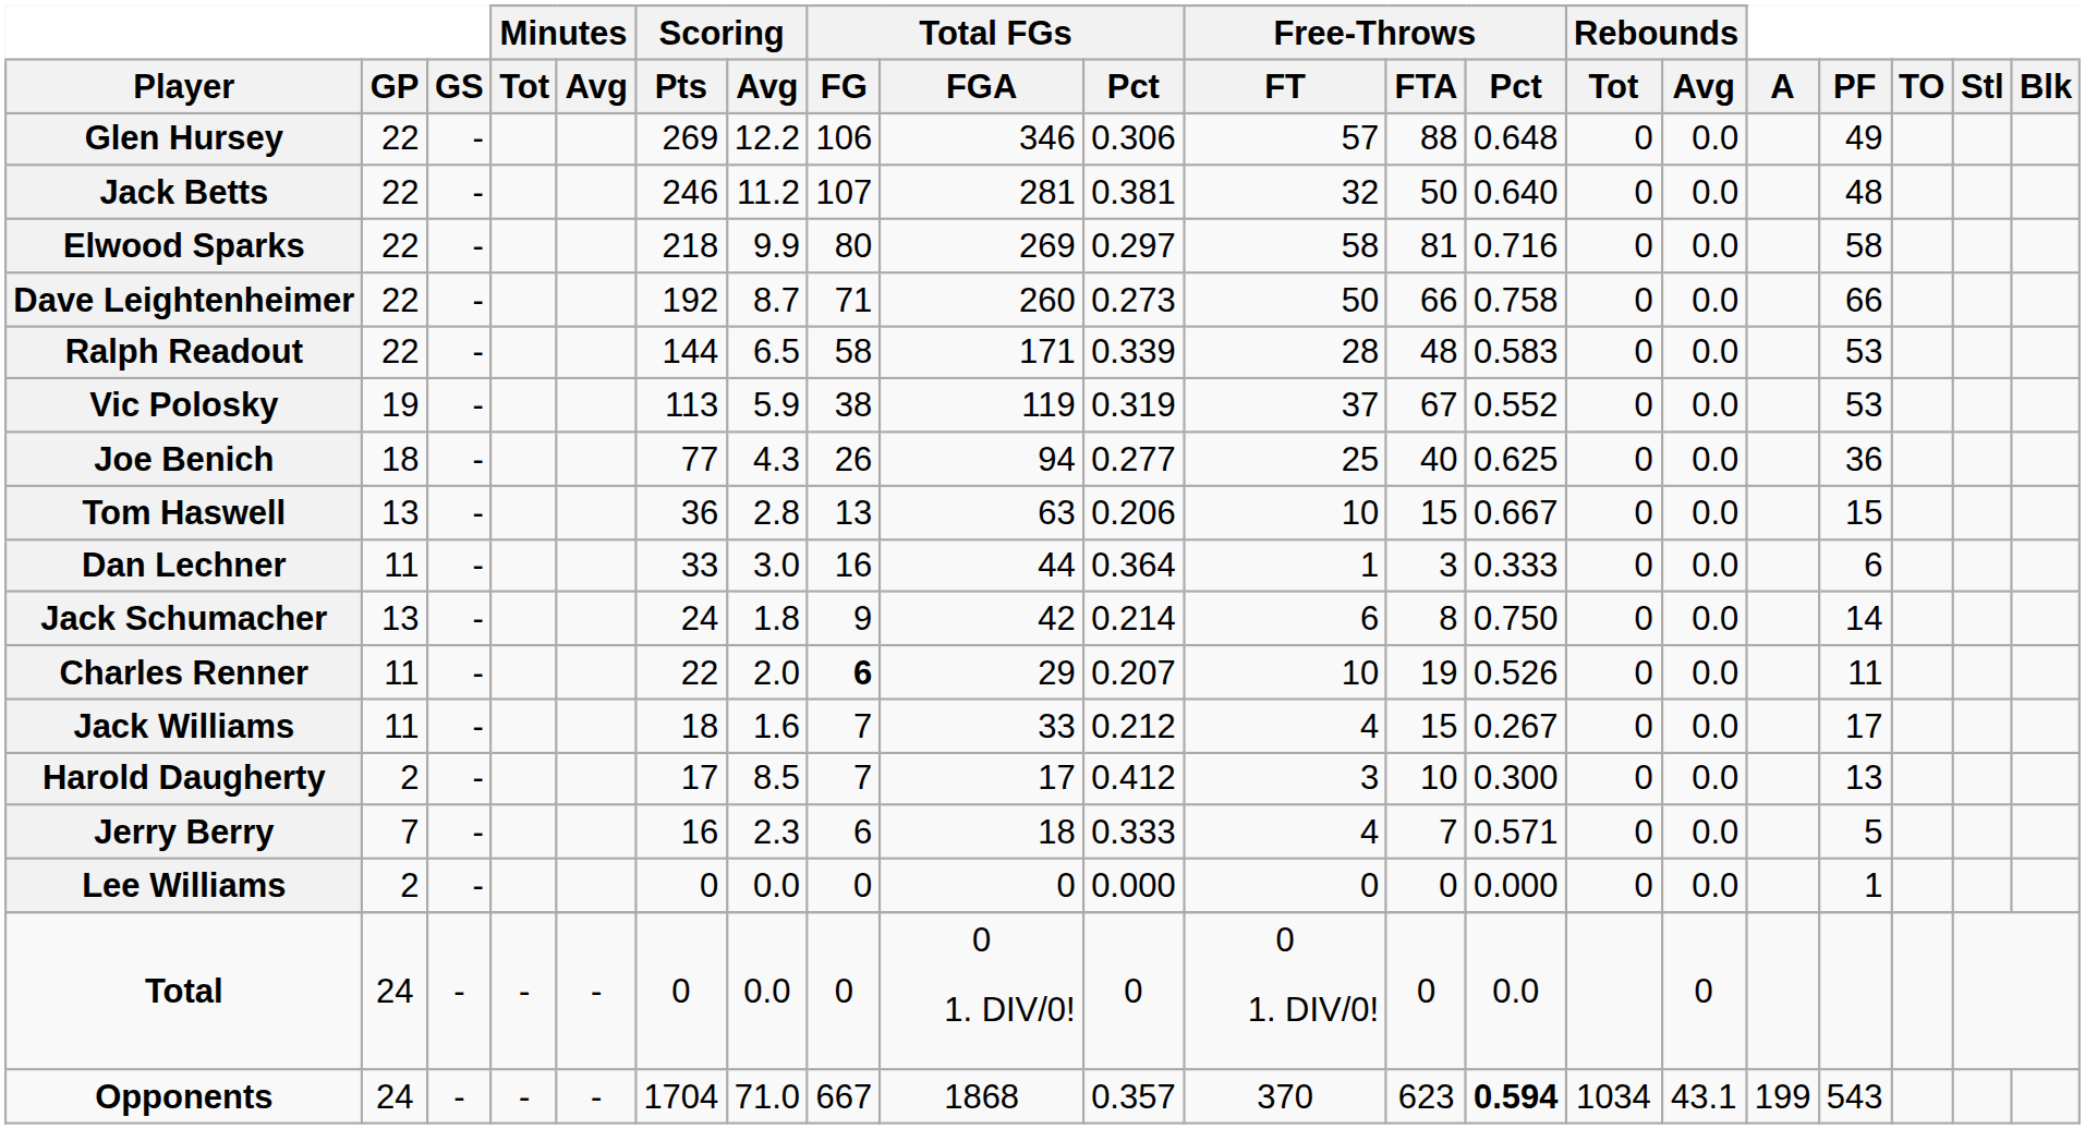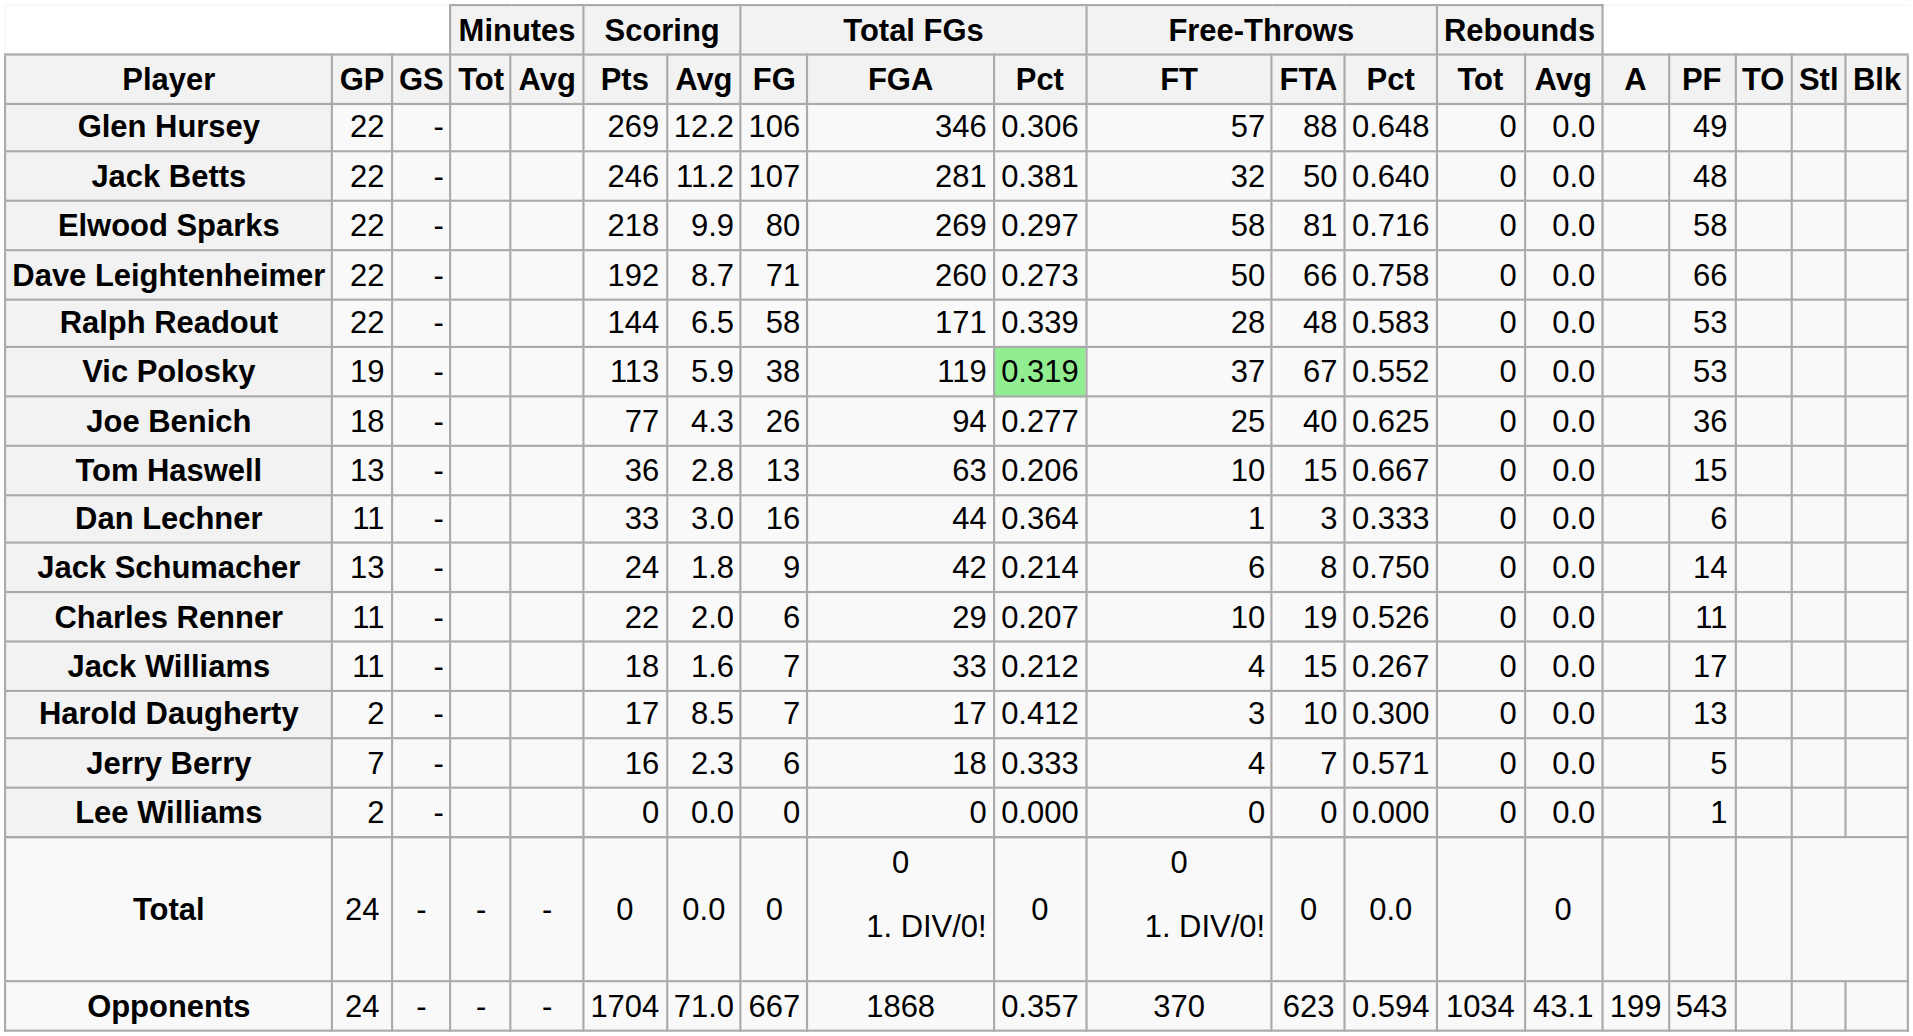 <table class="wikitable sortable" border="1" style="font-size:90%;">
 <tr>
 <th colspan="3" style="border-top-style:hidden; border-left-style:hidden; background: white;"></th>
 <th colspan="2" style=>Minutes</th>
 <th colspan="2" style=>Scoring</th>
 <th colspan="3" style=>Total FGs</th>
 <th colspan="3" style=>Free-Throws</th>
 <th colspan="2" style=>Rebounds</th>
 <th colspan="5" style="border-top-style:hidden; border-right-style:hidden; background: white;"></th>
 </tr>
 <tr>
 <th scope="col" style=>Player</th>
 <th scope="col" style=>GP</th>
 <th scope="col" style=>GS</th>
 <th scope="col" style=>Tot</th>
 <th scope="col" style=>Avg</th>
 <th scope="col" style=>Pts</th>
 <th scope="col" style=>Avg</th>
 <th scope="col" style=>FG</th>
 <th scope="col" style=>FGA</th>
 <th scope="col" style=>Pct</th>
 <th scope="col" style=>FT</th>
 <th scope="col" style=>FTA</th>
 <th scope="col" style=>Pct</th>
 <th scope="col" style=>Tot</th>
 <th scope="col" style=>Avg</th>
 <th scope="col" style=>A</th>
 <th scope="col" style=>PF</th>
 <th scope="col" style=>TO</th>
 <th scope="col" style=>Stl</th>
 <th scope="col" style=>Blk</th>
 </tr>
 <tr>
 <th>Glen Hursey</th>
 <td align="right">22</td>
 <td align="right">-</td>
 <td align="right"></td>
 <td align="right"></td>
 <td align="right">269</td>
 <td align="right">12.2</td>
 <td align="right">106</td>
 <td align="right">346</td>
 <td align="right">0.306</td>
 <td align="right">57</td>
 <td align="right">88</td>
 <td align="right">0.648</td>
 <td align="right">0</td>
 <td align="right">0.0</td>
 <td align="right"></td>
 <td align="right">49</td>
 <td align="right"></td>
 <td align="right"></td>
 <td align="right"></td>
 </tr>
 <tr>
 <th>Jack Betts</th>
 <td align="right">22</td>
 <td align="right">-</td>
 <td align="right"></td>
 <td align="right"></td>
 <td align="right">246</td>
 <td align="right">11.2</td>
 <td align="right">107</td>
 <td align="right">281</td>
 <td align="right">0.381</td>
 <td align="right">32</td>
 <td align="right">50</td>
 <td align="right">0.640</td>
 <td align="right">0</td>
 <td align="right">0.0</td>
 <td align="right"></td>
 <td align="right">48</td>
 <td align="right"></td>
 <td align="right"></td>
 <td align="right"></td>
 </tr>
 <tr>
 <th>Elwood Sparks</th>
 <td align="right">22</td>
 <td align="right">-</td>
 <td align="right"></td>
 <td align="right"></td>
 <td align="right">218</td>
 <td align="right">9.9</td>
 <td align="right">80</td>
 <td align="right">269</td>
 <td align="right">0.297</td>
 <td align="right">58</td>
 <td align="right">81</td>
 <td align="right">0.716</td>
 <td align="right">0</td>
 <td align="right">0.0</td>
 <td align="right"></td>
 <td align="right">58</td>
 <td align="right"></td>
 <td align="right"></td>
 <td align="right"></td>
 </tr>
 <tr>
 <th>Dave Leightenheimer</th>
 <td align="right">22</td>
 <td align="right">-</td>
 <td align="right"></td>
 <td align="right"></td>
 <td align="right">192</td>
 <td align="right">8.7</td>
 <td align="right">71</td>
 <td align="right">260</td>
 <td align="right">0.273</td>
 <td align="right">50</td>
 <td align="right">66</td>
 <td align="right">0.758</td>
 <td align="right">0</td>
 <td align="right">0.0</td>
 <td align="right"></td>
 <td align="right">66</td>
 <td align="right"></td>
 <td align="right"></td>
 <td align="right"></td>
 </tr>
 <tr>
 <th>Ralph Readout</th>
 <td align="right">22</td>
 <td align="right">-</td>
 <td align="right"></td>
 <td align="right"></td>
 <td align="right">144</td>
 <td align="right">6.5</td>
 <td align="right">58</td>
 <td align="right">171</td>
 <td align="right">0.339</td>
 <td align="right">28</td>
 <td align="right">48</td>
 <td align="right">0.583</td>
 <td align="right">0</td>
 <td align="right">0.0</td>
 <td align="right"></td>
 <td align="right">53</td>
 <td align="right"></td>
 <td align="right"></td>
 <td align="right"></td>
 </tr>
 <tr>
 <th>Vic Polosky</th>
 <td align="right">19</td>
 <td align="right">-</td>
 <td align="right"></td>
 <td align="right"></td>
 <td align="right">113</td>
 <td align="right">5.9</td>
 <td align="right">38</td>
 <td align="right">119</td>
-<td align="right">0.319</td>
+<td align="right" style="background: lightgreen;">0.319</td>
 <td align="right">37</td>
 <td align="right">67</td>
 <td align="right">0.552</td>
 <td align="right">0</td>
 <td align="right">0.0</td>
 <td align="right"></td>
 <td align="right">53</td>
 <td align="right"></td>
 <td align="right"></td>
 <td align="right"></td>
 </tr>
 <tr>
 <th>Joe Benich</th>
 <td align="right">18</td>
 <td align="right">-</td>
 <td align="right"></td>
 <td align="right"></td>
 <td align="right">77</td>
 <td align="right">4.3</td>
 <td align="right">26</td>
 <td align="right">94</td>
 <td align="right">0.277</td>
 <td align="right">25</td>
 <td align="right">40</td>
 <td align="right">0.625</td>
 <td align="right">0</td>
 <td align="right">0.0</td>
 <td align="right"></td>
 <td align="right">36</td>
 <td align="right"></td>
 <td align="right"></td>
 <td align="right"></td>
 </tr>
 <tr>
 <th>Tom Haswell</th>
 <td align="right">13</td>
 <td align="right">-</td>
 <td align="right"></td>
 <td align="right"></td>
 <td align="right">36</td>
 <td align="right">2.8</td>
 <td align="right">13</td>
 <td align="right">63</td>
 <td align="right">0.206</td>
 <td align="right">10</td>
 <td align="right">15</td>
 <td align="right">0.667</td>
 <td align="right">0</td>
 <td align="right">0.0</td>
 <td align="right"></td>
 <td align="right">15</td>
 <td align="right"></td>
 <td align="right"></td>
 <td align="right"></td>
 </tr>
 <tr>
 <th>Dan Lechner</th>
 <td align="right">11</td>
 <td align="right">-</td>
 <td align="right"></td>
 <td align="right"></td>
 <td align="right">33</td>
 <td align="right">3.0</td>
 <td align="right">16</td>
 <td align="right">44</td>
 <td align="right">0.364</td>
 <td align="right">1</td>
 <td align="right">3</td>
 <td align="right">0.333</td>
 <td align="right">0</td>
 <td align="right">0.0</td>
 <td align="right"></td>
 <td align="right">6</td>
 <td align="right"></td>
 <td align="right"></td>
 <td align="right"></td>
 </tr>
 <tr>
 <th>Jack Schumacher</th>
 <td align="right">13</td>
 <td align="right">-</td>
 <td align="right"></td>
 <td align="right"></td>
 <td align="right">24</td>
 <td align="right">1.8</td>
 <td align="right">9</td>
 <td align="right">42</td>
 <td align="right">0.214</td>
 <td align="right">6</td>
 <td align="right">8</td>
 <td align="right">0.750</td>
 <td align="right">0</td>
 <td align="right">0.0</td>
 <td align="right"></td>
 <td align="right">14</td>
 <td align="right"></td>
 <td align="right"></td>
 <td align="right"></td>
 </tr>
 <tr>
 <th>Charles Renner</th>
 <td align="right">11</td>
 <td align="right">-</td>
 <td align="right"></td>
 <td align="right"></td>
 <td align="right">22</td>
 <td align="right">2.0</td>
-<td align="right"><strong>6</strong></td>
+<td align="right">6</td>
 <td align="right">29</td>
 <td align="right">0.207</td>
 <td align="right">10</td>
 <td align="right">19</td>
 <td align="right">0.526</td>
 <td align="right">0</td>
 <td align="right">0.0</td>
 <td align="right"></td>
 <td align="right">11</td>
 <td align="right"></td>
 <td align="right"></td>
 <td align="right"></td>
 </tr>
 <tr>
 <th>Jack Williams</th>
 <td align="right">11</td>
 <td align="right">-</td>
 <td align="right"></td>
 <td align="right"></td>
 <td align="right">18</td>
 <td align="right">1.6</td>
 <td align="right">7</td>
 <td align="right">33</td>
 <td align="right">0.212</td>
 <td align="right">4</td>
 <td align="right">15</td>
 <td align="right">0.267</td>
 <td align="right">0</td>
 <td align="right">0.0</td>
 <td align="right"></td>
 <td align="right">17</td>
 <td align="right"></td>
 <td align="right"></td>
 <td align="right"></td>
 </tr>
 <tr>
 <th>Harold Daugherty</th>
 <td align="right">2</td>
 <td align="right">-</td>
 <td align="right"></td>
 <td align="right"></td>
 <td align="right">17</td>
 <td align="right">8.5</td>
 <td align="right">7</td>
 <td align="right">17</td>
 <td align="right">0.412</td>
 <td align="right">3</td>
 <td align="right">10</td>
 <td align="right">0.300</td>
 <td align="right">0</td>
 <td align="right">0.0</td>
 <td align="right"></td>
 <td align="right">13</td>
 <td align="right"></td>
 <td align="right"></td>
 <td align="right"></td>
 </tr>
 <tr>
 <th>Jerry Berry</th>
 <td align="right">7</td>
 <td align="right">-</td>
 <td align="right"></td>
 <td align="right"></td>
 <td align="right">16</td>
 <td align="right">2.3</td>
 <td align="right">6</td>
 <td align="right">18</td>
 <td align="right">0.333</td>
 <td align="right">4</td>
 <td align="right">7</td>
 <td align="right">0.571</td>
 <td align="right">0</td>
 <td align="right">0.0</td>
 <td align="right"></td>
 <td align="right">5</td>
 <td align="right"></td>
 <td align="right"></td>
 <td align="right"></td>
 </tr>
 <tr>
 <th>Lee Williams</th>
 <td align="right">2</td>
 <td align="right">-</td>
 <td align="right"></td>
 <td align="right"></td>
 <td align="right">0</td>
 <td align="right">0.0</td>
 <td align="right">0</td>
 <td align="right">0</td>
 <td align="right">0.000</td>
 <td align="right">0</td>
 <td align="right">0</td>
 <td align="right">0.000</td>
 <td align="right">0</td>
 <td align="right">0.0</td>
 <td align="right"></td>
 <td align="right">1</td>
 <td align="right"></td>
 <td align="right"></td>
 <td align="right"></td>
 </tr>
 <tr>
 </tr>
 <tr class="sortbottom">
 <td align="center" style=><strong>Total</strong></td>
 <td align="center" style=>24</td>
 <td align="center" style=>-</td>
 <td align="center" style=>-</td>
 <td align="center" style=>-</td>
 <td align="center" style=>0</td>
 <td align="center" style=>0.0</td>
 <td align="center" style=>0</td>
 <td align="center" style=>0<br><ol><li>DIV/0!</li></ol></td>
 <td align="center" style=>0</td>
 <td align="center" style=>0<br><ol><li>DIV/0!</li></ol></td>
 <td align="center" style=>0</td>
 <td align="center" style=>0.0</td>
 <td align="center" style=></td>
 <td align="center" style=>0</td>
 <td align="center" style=></td>
 <td align="center" style=></td>
 <td align="center" style=></td>
 </tr>
 <tr class="sortbottom">
 <td align="center"><strong>Opponents</strong></td>
 <td align="center">24</td>
 <td align="center">-</td>
 <td align="center">-</td>
 <td align="center">-</td>
 <td align="center">1704</td>
 <td align="center">71.0</td>
 <td align="center">667</td>
 <td align="center">1868</td>
 <td align="center">0.357</td>
 <td align="center">370</td>
 <td align="center">623</td>
-<td align="center"><strong>0.594</strong></td>
+<td align="center">0.594</td>
 <td align="center">1034</td>
 <td align="center">43.1</td>
 <td align="center">199</td>
 <td align="center">543</td>
 <td align="center"></td>
 <td align="center"></td>
 <td align="center"></td>
 </tr>
 </table>
